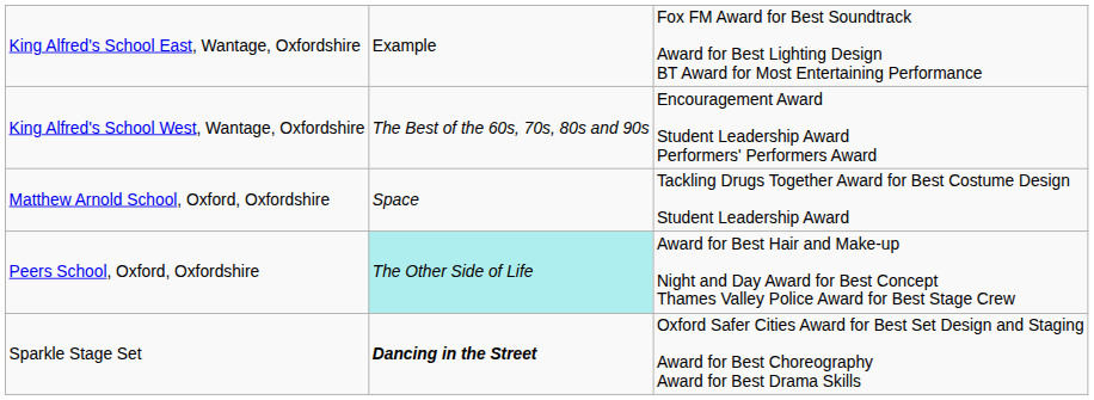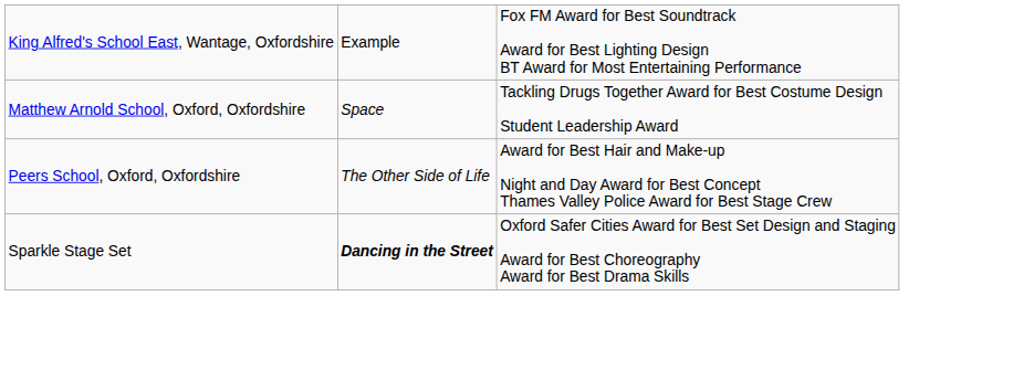 <table class="wikitable">
 <tr>
 <td><a href='#'>King Alfred's School East</a>, Wantage, Oxfordshire</td>
 <td>Example</td>
 <td>Fox FM Award for Best Soundtrack<br><br>Award for Best Lighting Design<br> BT Award for Most Entertaining Performance</td>
-</tr>
-<tr>
-<td><a href='#'>King Alfred's School West</a>, Wantage, Oxfordshire</td>
-<td><em>The Best of the 60s, 70s, 80s and 90s</em></td>
-<td>Encouragement Award<br><br>Student Leadership Award<br> Performers' Performers Award</td>
 </tr>
 <tr>
 <td><a href='#'>Matthew Arnold School</a>, Oxford, Oxfordshire</td>
 <td><em>Space</em></td>
 <td>Tackling Drugs Together Award for Best Costume Design<br><br>Student Leadership Award</td>
 </tr>
 <tr>
 <td><a href='#'>Peers School</a>, Oxford, Oxfordshire</td>
-<td style="background: paleturquoise;"><em>The Other Side of Life</em></td>
+<td><em>The Other Side of Life</em></td>
 <td>Award for Best Hair and Make-up<br><br>Night and Day Award for Best Concept<br> Thames Valley Police Award for Best Stage Crew</td>
 </tr>
 <tr>
 <td>Sparkle Stage Set</td>
 <td><strong><em>Dancing in the Street</em></strong></td>
 <td>Oxford Safer Cities Award for Best Set Design and Staging<br><br>Award for Best Choreography<br> Award for Best Drama Skills</td>
 </tr>
 </table>
